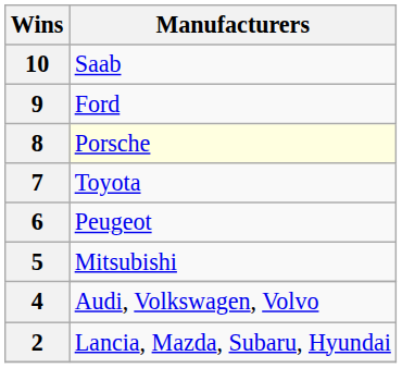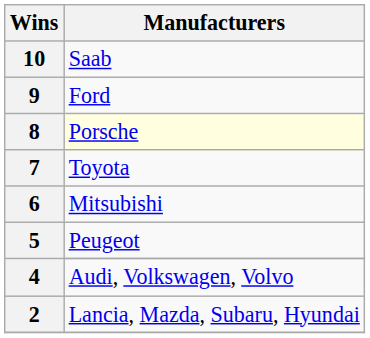 <table class="wikitable" style="font-size: 95%;">
 <tr>
 <th>Wins</th>
 <th>Manufacturers</th>
 </tr>
 <tr>
 <th>10</th>
 <td><a href='#'>Saab</a></td>
 </tr>
 <tr>
 <th>9</th>
 <td><a href='#'>Ford</a></td>
 </tr>
 <tr>
 <th>8</th>
 <td style="background: lightyellow;"><a href='#'>Porsche</a></td>
 </tr>
 <tr>
 <th>7</th>
 <td><a href='#'>Toyota</a></td>
 </tr>
 <tr>
 <th rowspan="1">6</th>
-<td><a href='#'>Peugeot</a></td>
+<td><a href='#'>Mitsubishi</a></td>
 </tr>
 <tr>
 <th>5</th>
-<td><a href='#'>Mitsubishi</a></td>
+<td><a href='#'>Peugeot</a></td>
 </tr>
 <tr>
 <th rowspan="2">4</th>
 </tr>
 <tr>
 <td><a href='#'>Audi</a>, <a href='#'>Volkswagen</a>, <a href='#'>Volvo</a></td>
 </tr>
 <tr>
 <th rowspan="1">2</th>
 <td><a href='#'>Lancia</a>, <a href='#'>Mazda</a>, <a href='#'>Subaru</a>, <a href='#'>Hyundai</a></td>
 </tr>
 <tr>
 </tr>
 </table>
